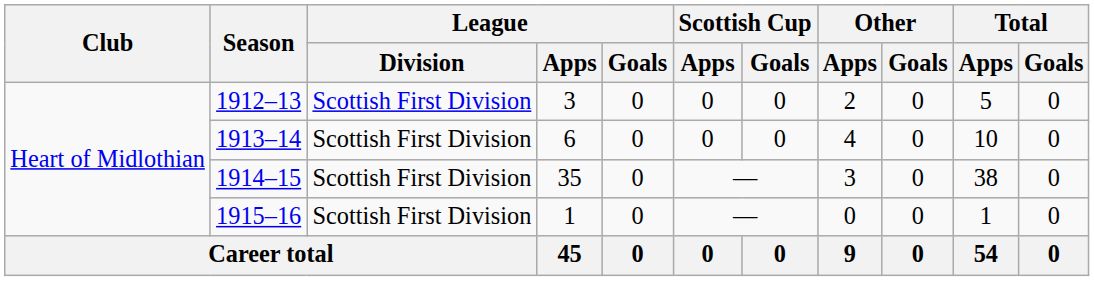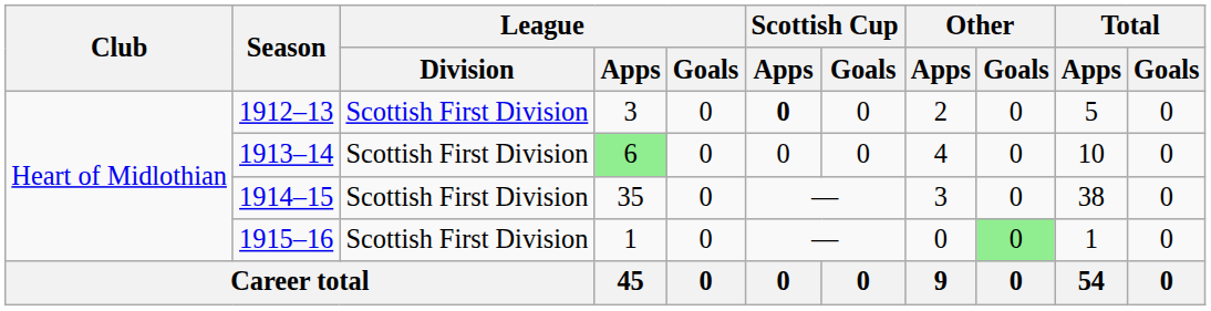 <table class="wikitable" style="text-align: center;">
 <tr>
 <th rowspan="2">Club</th>
 <th rowspan="2">Season</th>
 <th colspan="3">League</th>
 <th colspan="2">Scottish Cup</th>
 <th colspan="2">Other</th>
 <th colspan="2">Total</th>
 </tr>
 <tr>
 <th>Division</th>
 <th>Apps</th>
 <th>Goals</th>
 <th>Apps</th>
 <th>Goals</th>
 <th>Apps</th>
 <th>Goals</th>
 <th>Apps</th>
 <th>Goals</th>
 </tr>
 <tr>
 <td rowspan="4"><a href='#'>Heart of Midlothian</a></td>
 <td><a href='#'>1912–13</a></td>
 <td><a href='#'>Scottish First Division</a></td>
 <td>3</td>
 <td>0</td>
-<td>0</td>
+<td><strong>0</strong></td>
 <td>0</td>
 <td>2</td>
 <td>0</td>
 <td>5</td>
 <td>0</td>
 </tr>
 <tr>
 <td><a href='#'>1913–14</a></td>
 <td>Scottish First Division</td>
-<td>6</td>
+<td style="background: lightgreen;">6</td>
 <td>0</td>
 <td>0</td>
 <td>0</td>
 <td>4</td>
 <td>0</td>
 <td>10</td>
 <td>0</td>
 </tr>
 <tr>
 <td><a href='#'>1914–15</a></td>
 <td>Scottish First Division</td>
 <td>35</td>
 <td>0</td>
 <td colspan="2">—</td>
 <td>3</td>
 <td>0</td>
 <td>38</td>
 <td>0</td>
 </tr>
 <tr>
 <td><a href='#'>1915–16</a></td>
 <td>Scottish First Division</td>
 <td>1</td>
 <td>0</td>
 <td colspan="2">—</td>
 <td>0</td>
-<td>0</td>
+<td style="background: lightgreen;">0</td>
 <td>1</td>
 <td>0</td>
 </tr>
 <tr>
 <th colspan="3">Career total</th>
 <th>45</th>
 <th>0</th>
 <th>0</th>
 <th>0</th>
 <th>9</th>
 <th>0</th>
 <th>54</th>
 <th>0</th>
 </tr>
 </table>
